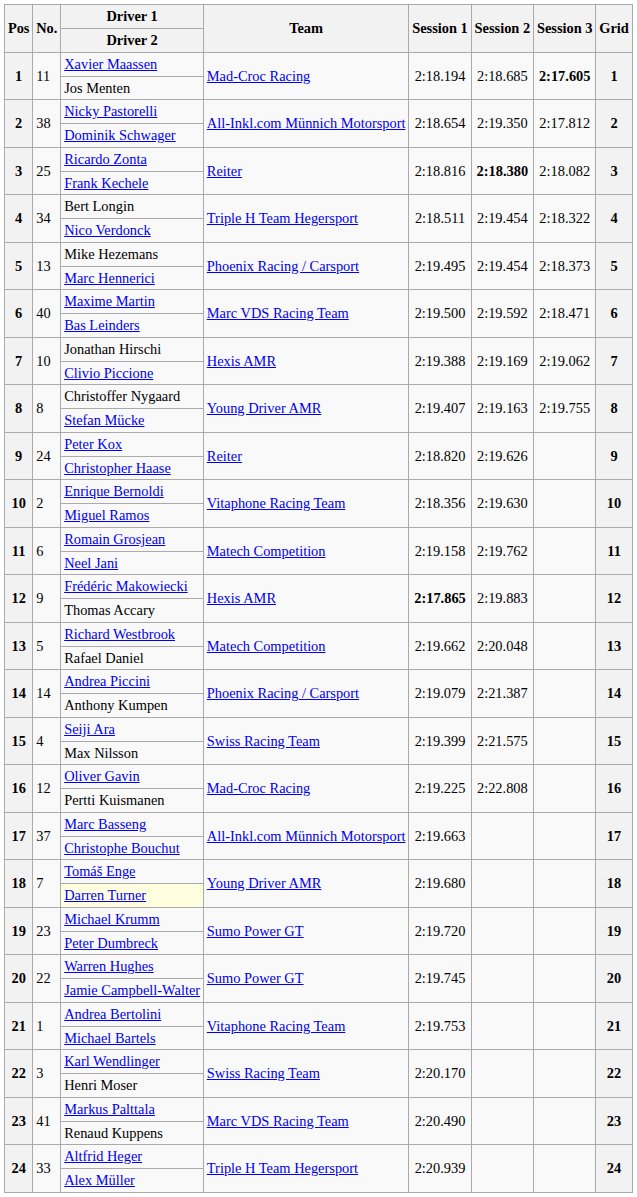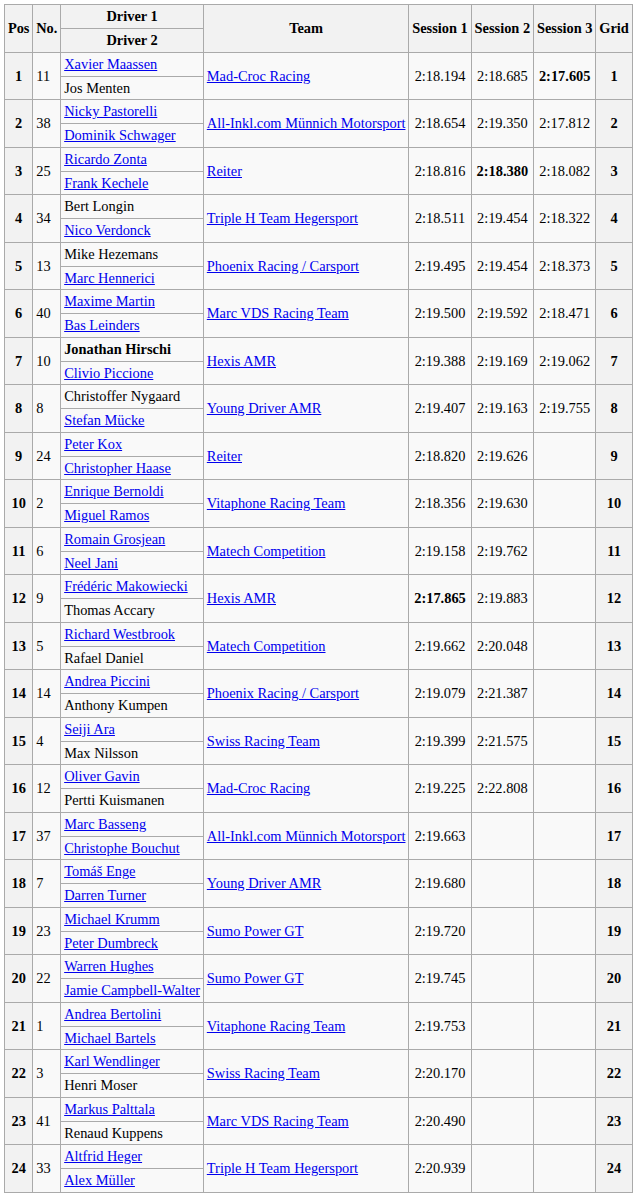 <table class="wikitable" style="font-size: 90%;">
 <tr>
 <th rowspan=2>Pos</th>
 <th rowspan=2>No.</th>
 <th>Driver 1</th>
 <th rowspan=2>Team</th>
 <th rowspan=2>Session 1</th>
 <th rowspan=2>Session 2</th>
 <th rowspan=2>Session 3</th>
 <th rowspan=2>Grid</th>
 </tr>
 <tr>
 <th>Driver 2</th>
 </tr>
 <tr>
 <th rowspan=2>1</th>
 <td rowspan=2>11</td>
 <td> <a href='#'>Xavier Maassen</a></td>
 <td rowspan=2> <a href='#'>Mad-Croc Racing</a></td>
 <td rowspan=2 align="center">2:18.194</td>
 <td rowspan=2 align="center">2:18.685</td>
 <td rowspan=2 align="center"><strong>2:17.605</strong></td>
 <th rowspan=2>1</th>
 </tr>
 <tr>
 <td> Jos Menten</td>
 </tr>
 <tr>
 <th rowspan=2>2</th>
 <td rowspan=2>38</td>
 <td> <a href='#'>Nicky Pastorelli</a></td>
 <td rowspan=2> <a href='#'>All-Inkl.com Münnich Motorsport</a></td>
 <td rowspan=2 align="center">2:18.654</td>
 <td rowspan=2 align="center">2:19.350</td>
 <td rowspan=2 align="center">2:17.812</td>
 <th rowspan=2>2</th>
 </tr>
 <tr>
 <td> <a href='#'>Dominik Schwager</a></td>
 </tr>
 <tr>
 <th rowspan=2>3</th>
 <td rowspan=2>25</td>
 <td> <a href='#'>Ricardo Zonta</a></td>
 <td rowspan=2> <a href='#'>Reiter</a></td>
 <td rowspan=2 align="center">2:18.816</td>
 <td rowspan=2 align="center"><strong>2:18.380</strong></td>
 <td rowspan=2 align="center">2:18.082</td>
 <th rowspan=2>3</th>
 </tr>
 <tr>
 <td> <a href='#'>Frank Kechele</a></td>
 </tr>
 <tr>
 <th rowspan=2>4</th>
 <td rowspan=2>34</td>
 <td> Bert Longin</td>
 <td rowspan=2> <a href='#'>Triple H Team Hegersport</a></td>
 <td rowspan=2 align="center">2:18.511</td>
 <td rowspan=2 align="center">2:19.454</td>
 <td rowspan=2 align="center">2:18.322</td>
 <th rowspan=2>4</th>
 </tr>
 <tr>
 <td> <a href='#'>Nico Verdonck</a></td>
 </tr>
 <tr>
 <th rowspan=2>5</th>
 <td rowspan=2>13</td>
 <td> Mike Hezemans</td>
 <td rowspan=2> <a href='#'>Phoenix Racing / Carsport</a></td>
 <td rowspan=2 align="center">2:19.495</td>
 <td rowspan=2 align="center">2:19.454</td>
 <td rowspan=2 align="center">2:18.373</td>
 <th rowspan=2>5</th>
 </tr>
 <tr>
 <td> <a href='#'>Marc Hennerici</a></td>
 </tr>
 <tr>
 <th rowspan=2>6</th>
 <td rowspan=2>40</td>
 <td> <a href='#'>Maxime Martin</a></td>
 <td rowspan=2> <a href='#'>Marc VDS Racing Team</a></td>
 <td rowspan=2 align="center">2:19.500</td>
 <td rowspan=2 align="center">2:19.592</td>
 <td rowspan=2 align="center">2:18.471</td>
 <th rowspan=2>6</th>
 </tr>
 <tr>
 <td> <a href='#'>Bas Leinders</a></td>
 </tr>
 <tr>
 <th rowspan=2>7</th>
 <td rowspan=2>10</td>
-<td> Jonathan Hirschi</td>
+<td><strong> Jonathan Hirschi</strong></td>
 <td rowspan=2> <a href='#'>Hexis AMR</a></td>
 <td rowspan=2 align="center">2:19.388</td>
 <td rowspan=2 align="center">2:19.169</td>
 <td rowspan=2 align="center">2:19.062</td>
 <th rowspan=2>7</th>
 </tr>
 <tr>
 <td> <a href='#'>Clivio Piccione</a></td>
 </tr>
 <tr>
 <th rowspan=2>8</th>
 <td rowspan=2>8</td>
 <td> Christoffer Nygaard</td>
 <td rowspan=2> <a href='#'>Young Driver AMR</a></td>
 <td rowspan=2 align="center">2:19.407</td>
 <td rowspan=2 align="center">2:19.163</td>
 <td rowspan=2 align="center">2:19.755</td>
 <th rowspan=2>8</th>
 </tr>
 <tr>
 <td> <a href='#'>Stefan Mücke</a></td>
 </tr>
 <tr>
 <th rowspan=2>9</th>
 <td rowspan=2>24</td>
 <td> <a href='#'>Peter Kox</a></td>
 <td rowspan=2> <a href='#'>Reiter</a></td>
 <td rowspan=2 align="center">2:18.820</td>
 <td rowspan=2 align="center">2:19.626</td>
 <td rowspan=2 align="center"></td>
 <th rowspan=2>9</th>
 </tr>
 <tr>
 <td> <a href='#'>Christopher Haase</a></td>
 </tr>
 <tr>
 <th rowspan=2>10</th>
 <td rowspan=2>2</td>
 <td> <a href='#'>Enrique Bernoldi</a></td>
 <td rowspan=2> <a href='#'>Vitaphone Racing Team</a></td>
 <td rowspan=2 align="center">2:18.356</td>
 <td rowspan=2 align="center">2:19.630</td>
 <td rowspan=2 align="center"></td>
 <th rowspan=2>10</th>
 </tr>
 <tr>
 <td> <a href='#'>Miguel Ramos</a></td>
 </tr>
 <tr>
 <th rowspan=2>11</th>
 <td rowspan=2>6</td>
 <td> <a href='#'>Romain Grosjean</a></td>
 <td rowspan=2> <a href='#'>Matech Competition</a></td>
 <td rowspan=2 align="center">2:19.158</td>
 <td rowspan=2 align="center">2:19.762</td>
 <td rowspan=2 align="center"></td>
 <th rowspan=2>11</th>
 </tr>
 <tr>
 <td> <a href='#'>Neel Jani</a></td>
 </tr>
 <tr>
 <th rowspan=2>12</th>
 <td rowspan=2>9</td>
 <td> <a href='#'>Frédéric Makowiecki</a></td>
 <td rowspan=2> <a href='#'>Hexis AMR</a></td>
 <td rowspan=2 align="center"><strong>2:17.865</strong></td>
 <td rowspan=2 align="center">2:19.883</td>
 <td rowspan=2 align="center"></td>
 <th rowspan=2>12</th>
 </tr>
 <tr>
 <td> Thomas Accary</td>
 </tr>
 <tr>
 <th rowspan=2>13</th>
 <td rowspan=2>5</td>
 <td> <a href='#'>Richard Westbrook</a></td>
 <td rowspan=2> <a href='#'>Matech Competition</a></td>
 <td rowspan=2 align="center">2:19.662</td>
 <td rowspan=2 align="center">2:20.048</td>
 <td rowspan=2 align="center"></td>
 <th rowspan=2>13</th>
 </tr>
 <tr>
 <td> Rafael Daniel</td>
 </tr>
 <tr>
 <th rowspan=2>14</th>
 <td rowspan=2>14</td>
 <td> <a href='#'>Andrea Piccini</a></td>
 <td rowspan=2> <a href='#'>Phoenix Racing / Carsport</a></td>
 <td rowspan=2 align="center">2:19.079</td>
 <td rowspan=2 align="center">2:21.387</td>
 <td rowspan=2 align="center"></td>
 <th rowspan=2>14</th>
 </tr>
 <tr>
 <td> Anthony Kumpen</td>
 </tr>
 <tr>
 <th rowspan=2>15</th>
 <td rowspan=2>4</td>
 <td> <a href='#'>Seiji Ara</a></td>
 <td rowspan=2> <a href='#'>Swiss Racing Team</a></td>
 <td rowspan=2 align="center">2:19.399</td>
 <td rowspan=2 align="center">2:21.575</td>
 <td rowspan=2 align="center"></td>
 <th rowspan=2>15</th>
 </tr>
 <tr>
 <td> Max Nilsson</td>
 </tr>
 <tr>
 <th rowspan=2>16</th>
 <td rowspan=2>12</td>
 <td> <a href='#'>Oliver Gavin</a></td>
 <td rowspan=2> <a href='#'>Mad-Croc Racing</a></td>
 <td rowspan=2 align="center">2:19.225</td>
 <td rowspan=2 align="center">2:22.808</td>
 <td rowspan=2 align="center"></td>
 <th rowspan=2>16</th>
 </tr>
 <tr>
 <td> Pertti Kuismanen</td>
 </tr>
 <tr>
 <th rowspan=2>17</th>
 <td rowspan=2>37</td>
 <td> <a href='#'>Marc Basseng</a></td>
 <td rowspan=2> <a href='#'>All-Inkl.com Münnich Motorsport</a></td>
 <td rowspan=2 align="center">2:19.663</td>
 <td rowspan=2 align="center"></td>
 <td rowspan=2 align="center"></td>
 <th rowspan=2>17</th>
 </tr>
 <tr>
 <td> <a href='#'>Christophe Bouchut</a></td>
 </tr>
 <tr>
 <th rowspan=2>18</th>
 <td rowspan=2>7</td>
 <td> <a href='#'>Tomáš Enge</a></td>
 <td rowspan=2> <a href='#'>Young Driver AMR</a></td>
 <td rowspan=2 align="center">2:19.680</td>
 <td rowspan=2 align="center"></td>
 <td rowspan=2 align="center"></td>
 <th rowspan=2>18</th>
 </tr>
 <tr>
-<td style="background: lightyellow;"> <a href='#'>Darren Turner</a></td>
+<td> <a href='#'>Darren Turner</a></td>
 </tr>
 <tr>
 <th rowspan=2>19</th>
 <td rowspan=2>23</td>
 <td> <a href='#'>Michael Krumm</a></td>
 <td rowspan=2> <a href='#'>Sumo Power GT</a></td>
 <td rowspan=2 align="center">2:19.720</td>
 <td rowspan=2 align="center"></td>
 <td rowspan=2 align="center"></td>
 <th rowspan=2>19</th>
 </tr>
 <tr>
 <td> <a href='#'>Peter Dumbreck</a></td>
 </tr>
 <tr>
 <th rowspan=2>20</th>
 <td rowspan=2>22</td>
 <td> <a href='#'>Warren Hughes</a></td>
 <td rowspan=2> <a href='#'>Sumo Power GT</a></td>
 <td rowspan=2 align="center">2:19.745</td>
 <td rowspan=2 align="center"></td>
 <td rowspan=2 align="center"></td>
 <th rowspan=2>20</th>
 </tr>
 <tr>
 <td> <a href='#'>Jamie Campbell-Walter</a></td>
 </tr>
 <tr>
 <th rowspan=2>21</th>
 <td rowspan=2>1</td>
 <td> <a href='#'>Andrea Bertolini</a></td>
 <td rowspan=2> <a href='#'>Vitaphone Racing Team</a></td>
 <td rowspan=2 align="center">2:19.753</td>
 <td rowspan=2 align="center"></td>
 <td rowspan=2 align="center"></td>
 <th rowspan=2>21</th>
 </tr>
 <tr>
 <td> <a href='#'>Michael Bartels</a></td>
 </tr>
 <tr>
 <th rowspan=2>22</th>
 <td rowspan=2>3</td>
 <td> <a href='#'>Karl Wendlinger</a></td>
 <td rowspan=2> <a href='#'>Swiss Racing Team</a></td>
 <td rowspan=2 align="center">2:20.170</td>
 <td rowspan=2 align="center"></td>
 <td rowspan=2 align="center"></td>
 <th rowspan=2>22</th>
 </tr>
 <tr>
 <td> Henri Moser</td>
 </tr>
 <tr>
 <th rowspan=2>23</th>
 <td rowspan=2>41</td>
 <td> <a href='#'>Markus Palttala</a></td>
 <td rowspan=2> <a href='#'>Marc VDS Racing Team</a></td>
 <td rowspan=2 align="center">2:20.490</td>
 <td rowspan=2 align="center"></td>
 <td rowspan=2 align="center"></td>
 <th rowspan=2>23</th>
 </tr>
 <tr>
 <td> Renaud Kuppens</td>
 </tr>
 <tr>
 <th rowspan=2>24</th>
 <td rowspan=2>33</td>
 <td> <a href='#'>Altfrid Heger</a></td>
 <td rowspan=2> <a href='#'>Triple H Team Hegersport</a></td>
 <td rowspan=2 align="center">2:20.939</td>
 <td rowspan=2 align="center"></td>
 <td rowspan=2 align="center"></td>
 <th rowspan=2>24</th>
 </tr>
 <tr>
 <td> <a href='#'>Alex Müller</a></td>
 </tr>
 <tr>
 </tr>
 </table>
